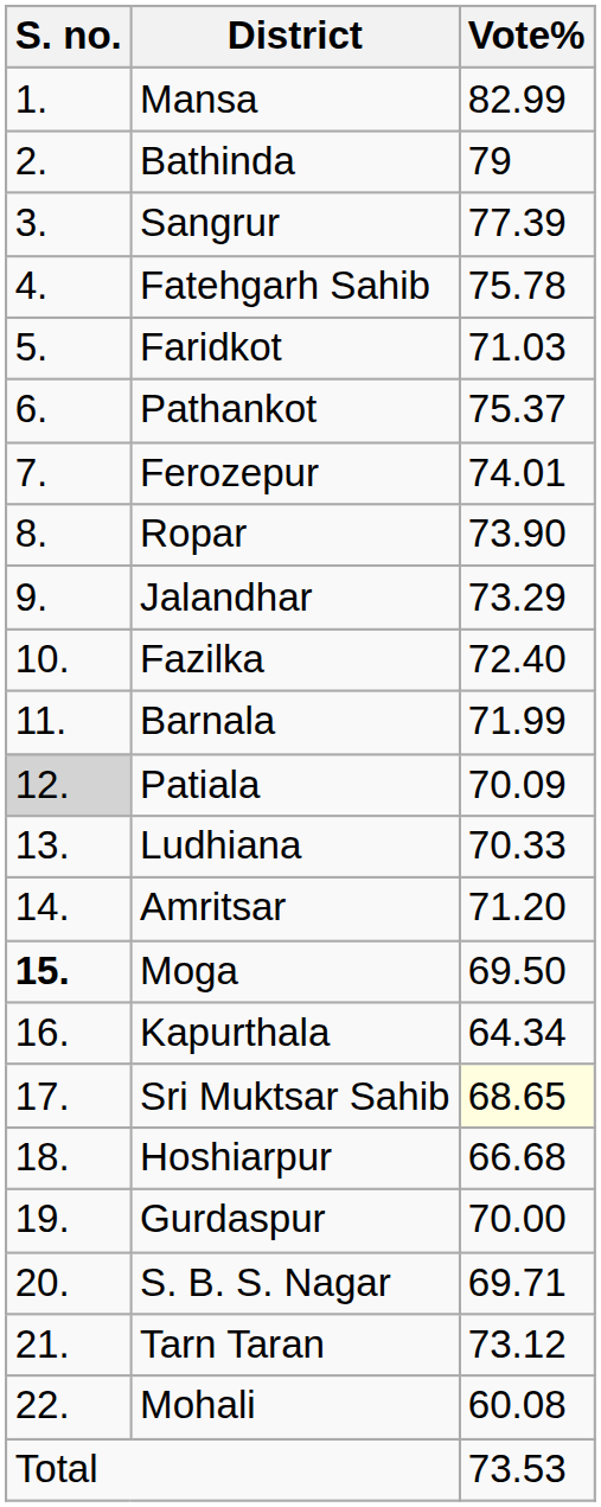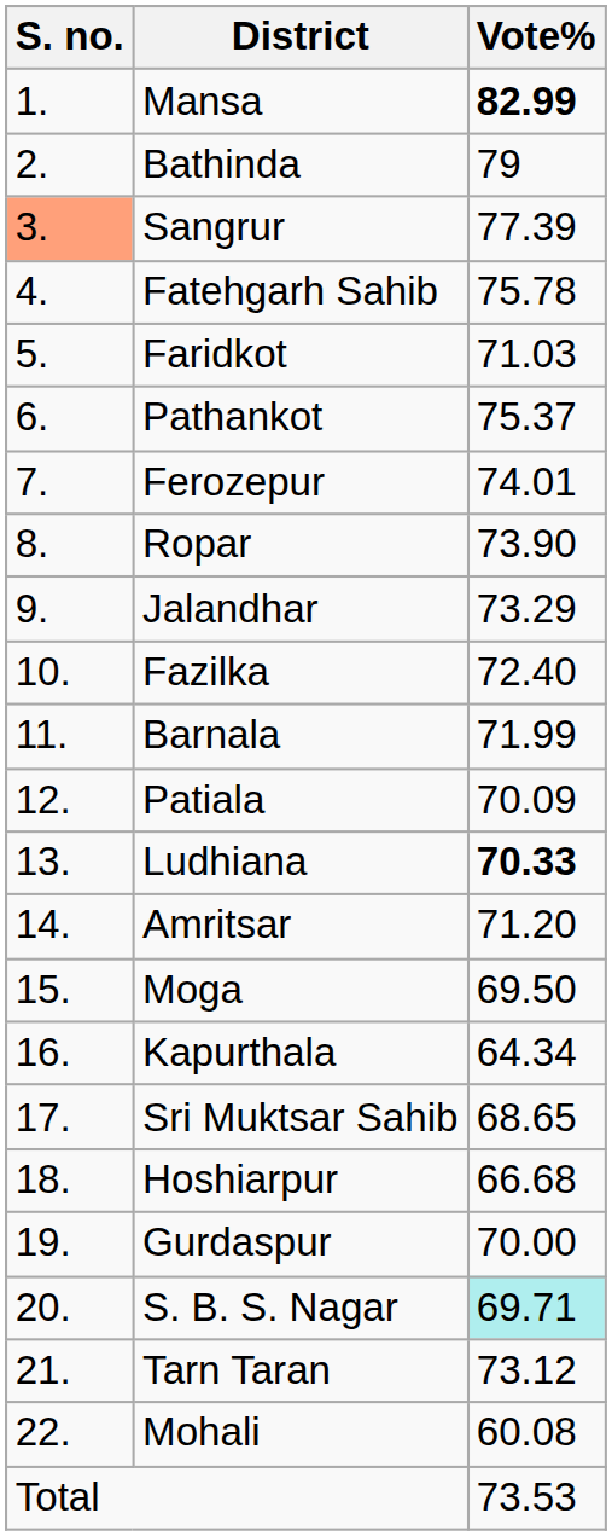 <table class="wikitable sortable">
 <tr>
 <th>S. no.</th>
 <th>District</th>
 <th>Vote%</th>
 </tr>
 <tr>
 <td>1.</td>
 <td>Mansa</td>
-<td>82.99</td>
+<td><strong>82.99</strong></td>
 </tr>
 <tr>
 <td>2.</td>
 <td>Bathinda</td>
 <td>79</td>
 </tr>
 <tr>
-<td>3.</td>
+<td style="background: lightsalmon;">3.</td>
 <td>Sangrur</td>
 <td>77.39</td>
 </tr>
 <tr>
 <td>4.</td>
 <td>Fatehgarh Sahib</td>
 <td>75.78</td>
 </tr>
 <tr>
 <td>5.</td>
 <td>Faridkot</td>
 <td>71.03</td>
 </tr>
 <tr>
 <td>6.</td>
 <td>Pathankot</td>
 <td>75.37</td>
 </tr>
 <tr>
 <td>7.</td>
 <td>Ferozepur</td>
 <td>74.01</td>
 </tr>
 <tr>
 <td>8.</td>
 <td>Ropar</td>
 <td>73.90</td>
 </tr>
 <tr>
 <td>9.</td>
 <td>Jalandhar</td>
 <td>73.29</td>
 </tr>
 <tr>
 <td>10.</td>
 <td>Fazilka</td>
 <td>72.40</td>
 </tr>
 <tr>
 <td>11.</td>
 <td>Barnala</td>
 <td>71.99</td>
 </tr>
 <tr>
-<td style="background: lightgrey;">12.</td>
+<td>12.</td>
 <td>Patiala</td>
 <td>70.09</td>
 </tr>
 <tr>
 <td>13.</td>
 <td>Ludhiana</td>
-<td>70.33</td>
+<td><strong>70.33</strong></td>
 </tr>
 <tr>
 <td>14.</td>
 <td>Amritsar</td>
 <td>71.20</td>
 </tr>
 <tr>
-<td><strong>15.</strong></td>
+<td>15.</td>
 <td>Moga</td>
 <td>69.50</td>
 </tr>
 <tr>
 <td>16.</td>
 <td>Kapurthala</td>
 <td>64.34</td>
 </tr>
 <tr>
 <td>17.</td>
 <td>Sri Muktsar Sahib</td>
-<td style="background: lightyellow;">68.65</td>
+<td>68.65</td>
 </tr>
 <tr>
 <td>18.</td>
 <td>Hoshiarpur</td>
 <td>66.68</td>
 </tr>
 <tr>
 <td>19.</td>
 <td>Gurdaspur</td>
 <td>70.00</td>
 </tr>
 <tr>
 <td>20.</td>
 <td>S. B. S. Nagar</td>
-<td>69.71</td>
+<td style="background: paleturquoise;">69.71</td>
 </tr>
 <tr>
 <td>21.</td>
 <td>Tarn Taran</td>
 <td>73.12</td>
 </tr>
 <tr>
 <td>22.</td>
 <td>Mohali</td>
 <td>60.08</td>
 </tr>
 <tr>
 <td colspan="2">Total</td>
 <td>73.53</td>
 </tr>
 </table>
